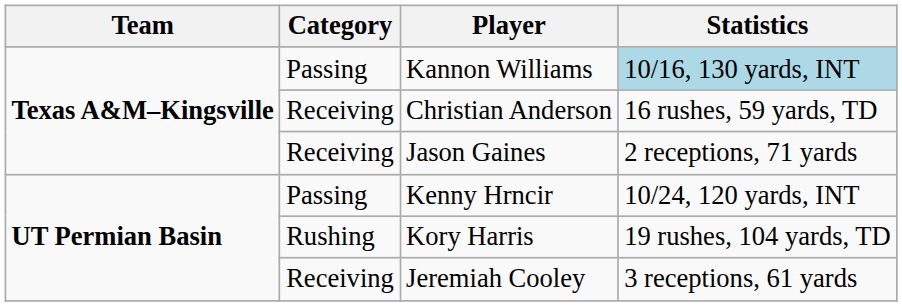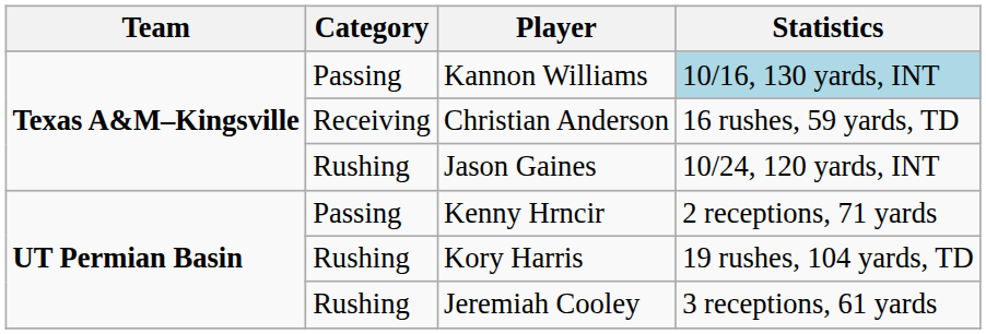 <table class="wikitable" style="float: right;">
 <tr>
 <th>Team</th>
 <th>Category</th>
 <th>Player</th>
 <th>Statistics</th>
 </tr>
 <tr>
 <td rowspan=3><strong>Texas A&M–Kingsville</strong></td>
 <td>Passing</td>
 <td>Kannon Williams</td>
 <td style="background: lightblue;">10/16, 130 yards, INT</td>
 </tr>
 <tr>
 <td>Receiving</td>
 <td>Christian Anderson</td>
 <td>16 rushes, 59 yards, TD</td>
 </tr>
 <tr>
-<td>Receiving</td>
+<td>Rushing</td>
 <td>Jason Gaines</td>
-<td>2 receptions, 71 yards</td>
+<td>10/24, 120 yards, INT</td>
 </tr>
 <tr>
 <td rowspan=3><strong>UT Permian Basin</strong></td>
 <td>Passing</td>
 <td>Kenny Hrncir</td>
-<td>10/24, 120 yards, INT</td>
+<td>2 receptions, 71 yards</td>
 </tr>
 <tr>
 <td>Rushing</td>
 <td>Kory Harris</td>
 <td>19 rushes, 104 yards, TD</td>
 </tr>
 <tr>
-<td>Receiving</td>
+<td>Rushing</td>
 <td>Jeremiah Cooley</td>
 <td>3 receptions, 61 yards</td>
 </tr>
 </table>
